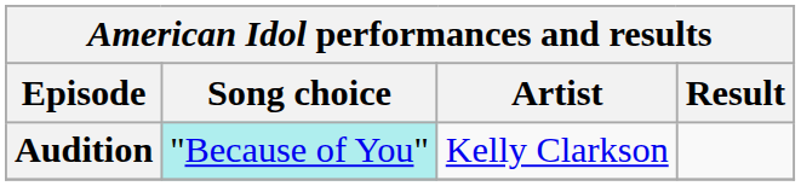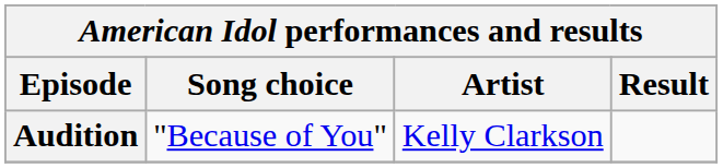 <table class="wikitable collapsible" style="text-align:center;">
 <tr>
 <th colspan="5"><em>American Idol</em> performances and results</th>
 </tr>
 <tr>
 <th style="text-align:centre;">Episode</th>
 <th style="text-align:centre;">Song choice</th>
 <th style="text-align:centre;">Artist</th>
 <th style="text-align:centre;">Result</th>
 </tr>
 <tr>
 <th>Audition</th>
-<td style="background: paleturquoise;">"<a href='#'>Because of You</a>"</td>
+<td>"<a href='#'>Because of You</a>"</td>
 <td><a href='#'>Kelly Clarkson</a></td>
 <td></td>
 </tr>
 <tr>
 </tr>
 </table>
